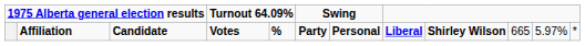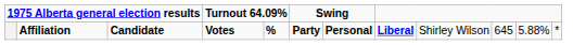 <table class="wikitable">
 <tr>
 <td colspan="3" align=center><strong><a href='#'>1975 Alberta general election</a> results</strong></td>
 <td colspan="2"><strong>Turnout 64.09%</strong></td>
 <td colspan="2" align=center><strong>Swing</strong></td>
 </tr>
 <tr>
 <th style="width: 10px;"></th>
 <td><strong>Affiliation</strong></td>
 <td><strong>Candidate</strong></td>
 <td><strong>Votes</strong></td>
 <td><strong>%</strong></td>
 <td><strong>Party</strong></td>
 <td><strong>Personal</strong><br>   </td>
 <td><strong><a href='#'>Liberal</a></strong></td>
-<td><strong>Shirley Wilson</strong></td>
-<td>665</td>
-<td>5.97%</td>
+<td>Shirley Wilson</td>
+<td>645</td>
+<td>5.88%</td>
 <td colspan=2 align=center>*<br>   </td>
 </tr>
 </table>
